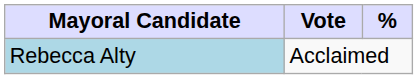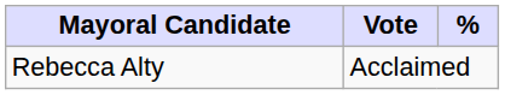 <table class="wikitable">
 <tr>
 <th style="background:#ddf; width:200px;">Mayoral Candidate</th>
 <th style="background:#ddf; width:50px;">Vote</th>
 <th style="background:#ddf; width:30px;">%</th>
 </tr>
 <tr>
-<td style="background: lightblue;">Rebecca Alty</td>
+<td>Rebecca Alty</td>
 <td colspan="2">Acclaimed</td>
 </tr>
 </table>
